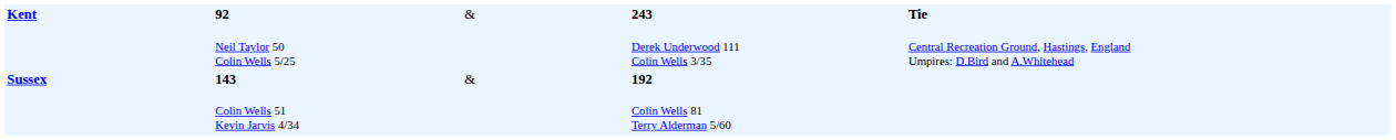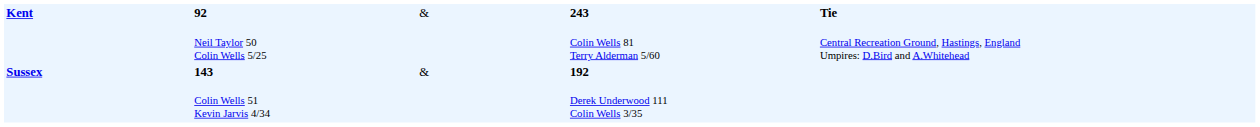 <table width="100%" style="background: #EBF5FF">
 <tr>
 <td width="15%" valign="top" rowspan="2"><strong><a href='#'>Kent</a></strong></td>
 <td width="18%"><strong>92</strong></td>
 <td width="12%">&</td>
 <td width="20%"><strong>243</strong></td>
 <td width="35%"><strong>Tie</strong></td>
 </tr>
 <tr>
 <td style="font-size: 85%;" valign="top"><br><a href='#'>Neil Taylor</a> 50<br> <a href='#'>Colin Wells</a> 5/25</td>
 <td></td>
-<td style="font-size: 85%;"><br><a href='#'>Derek Underwood</a> 111<br> <a href='#'>Colin Wells</a> 3/35</td>
+<td valign="top" style="font-size: 85%;"><br><a href='#'>Colin Wells</a> 81<br> <a href='#'>Terry Alderman</a> 5/60</td>
 <td valign="top" style="font-size: 85%;" rowspan="3"><br><a href='#'>Central Recreation Ground</a>, <a href='#'>Hastings</a>, <a href='#'>England</a><br> Umpires: <a href='#'>D.Bird</a> and <a href='#'>A.Whitehead</a></td>
 </tr>
 <tr>
 <td valign="top" rowspan="2"><strong><a href='#'>Sussex</a></strong></td>
 <td><strong>143</strong></td>
 <td>&</td>
 <td><strong>192</strong></td>
 </tr>
 <tr>
 <td style="font-size: 85%;"><br><a href='#'>Colin Wells</a> 51<br> <a href='#'>Kevin Jarvis</a> 4/34</td>
 <td></td>
-<td valign="top" style="font-size: 85%;"><br><a href='#'>Colin Wells</a> 81<br> <a href='#'>Terry Alderman</a> 5/60</td>
+<td style="font-size: 85%;"><br><a href='#'>Derek Underwood</a> 111<br> <a href='#'>Colin Wells</a> 3/35</td>
 </tr>
 </table>
